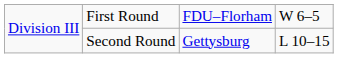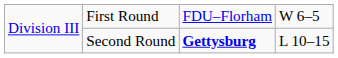 <table class="wikitable">
 <tr>
 <td rowspan="5"><a href='#'>Division III</a></td>
 <td>First Round</td>
 <td><a href='#'>FDU–Florham</a></td>
 <td>W 6–5</td>
 </tr>
 <tr>
 <td>Second Round</td>
-<td><a href='#'>Gettysburg</a></td>
+<td><strong><a href='#'>Gettysburg</a></strong></td>
 <td>L 10–15</td>
 </tr>
 </table>
